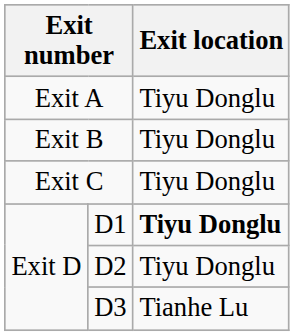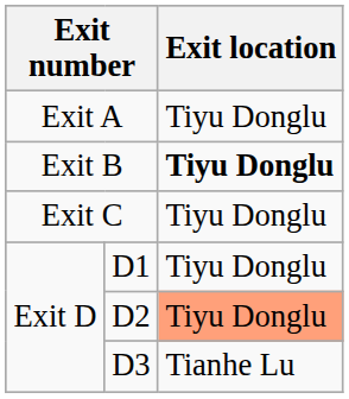 <table class="wikitable">
 <tr>
 <th style="width:70px" colspan="2">Exit number</th>
 <th>Exit location</th>
 </tr>
 <tr>
 <td align="center" colspan="2">Exit A</td>
 <td>Tiyu Donglu</td>
 </tr>
 <tr>
 <td align="center" colspan="2">Exit B</td>
-<td>Tiyu Donglu</td>
+<td><strong>Tiyu Donglu</strong></td>
 </tr>
 <tr>
 <td align="center" colspan="2">Exit C</td>
 <td>Tiyu Donglu</td>
 </tr>
 <tr>
 <td align="center" rowspan="3">Exit D</td>
 <td>D1</td>
-<td><strong>Tiyu Donglu</strong></td>
+<td>Tiyu Donglu</td>
 </tr>
 <tr>
 <td>D2</td>
-<td>Tiyu Donglu</td>
+<td style="background: lightsalmon;">Tiyu Donglu</td>
 </tr>
 <tr>
 <td>D3</td>
 <td>Tianhe Lu</td>
 </tr>
 </table>
